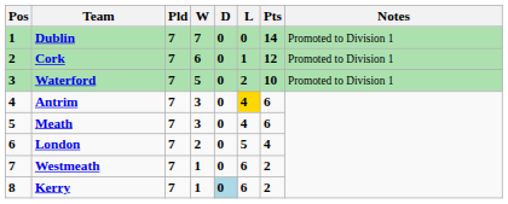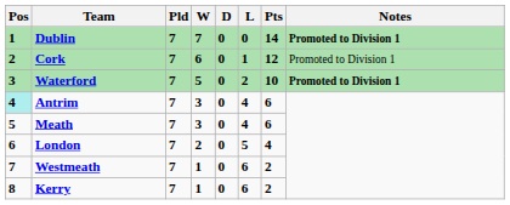 <table class="wikitable" style="text-align: centre;">
 <tr>
 <th width=20>Pos</th>
 <th width=150>Team</th>
 <th width=20>Pld</th>
 <th width=20>W</th>
 <th width=20>D</th>
 <th width=20>L</th>
 <th width=20>Pts</th>
 <th width=250>Notes</th>
 </tr>
 <tr style="background:#ACE1AF;">
 <td><strong>1</strong></td>
 <td align=left><strong> <a href='#'>Dublin</a> </strong></td>
 <td><strong>7</strong></td>
 <td><strong>7</strong></td>
 <td><strong>0</strong></td>
 <td><strong>0</strong></td>
 <td><strong>14</strong></td>
-<td><small>Promoted to Division 1</small></td>
+<td><strong><small>Promoted to Division 1</small></strong></td>
 </tr>
 <tr style="background:#ACE1AF;">
 <td><strong>2</strong></td>
 <td align=left><strong> <a href='#'>Cork</a> </strong></td>
 <td><strong>7</strong></td>
 <td><strong>6</strong></td>
 <td><strong>0</strong></td>
 <td><strong>1</strong></td>
 <td><strong>12</strong></td>
 <td><small>Promoted to Division 1</small></td>
 </tr>
 <tr style="background:#ACE1AF;">
 <td><strong>3</strong></td>
 <td align=left><strong> <a href='#'>Waterford</a> </strong></td>
 <td><strong>7</strong></td>
 <td><strong>5</strong></td>
 <td><strong>0</strong></td>
 <td><strong>2</strong></td>
 <td><strong>10</strong></td>
-<td><small>Promoted to Division 1</small></td>
+<td><strong><small>Promoted to Division 1</small></strong></td>
 </tr>
 <tr style>
-<td><strong>4</strong></td>
+<td style="background: paleturquoise;"><strong>4</strong></td>
 <td align=left><strong> <a href='#'>Antrim</a> </strong></td>
 <td><strong>7</strong></td>
 <td><strong>3</strong></td>
 <td><strong>0</strong></td>
-<td style="background: gold;"><strong>4</strong></td>
+<td><strong>4</strong></td>
 <td><strong>6</strong></td>
 </tr>
 <tr style>
 <td><strong>5</strong></td>
 <td align=left><strong> <a href='#'>Meath</a> </strong></td>
 <td><strong>7</strong></td>
 <td><strong>3</strong></td>
 <td><strong>0</strong></td>
 <td><strong>4</strong></td>
 <td><strong>6</strong></td>
 </tr>
 <tr style>
 <td><strong>6</strong></td>
 <td align=left><strong> <a href='#'>London</a> </strong></td>
 <td><strong>7</strong></td>
 <td><strong>2</strong></td>
 <td><strong>0</strong></td>
 <td><strong>5</strong></td>
 <td><strong>4</strong></td>
 </tr>
 <tr style>
 <td><strong>7</strong></td>
 <td align=left><strong> <a href='#'>Westmeath</a> </strong></td>
 <td><strong>7</strong></td>
 <td><strong>1</strong></td>
 <td><strong>0</strong></td>
 <td><strong>6</strong></td>
 <td><strong>2</strong></td>
 </tr>
 <tr style>
 <td><strong>8</strong></td>
 <td align=left><strong> <a href='#'>Kerry</a> </strong></td>
 <td><strong>7</strong></td>
 <td><strong>1</strong></td>
-<td style="background: lightblue;"><strong>0</strong></td>
+<td><strong>0</strong></td>
 <td><strong>6</strong></td>
 <td><strong>2</strong></td>
 </tr>
 </table>
